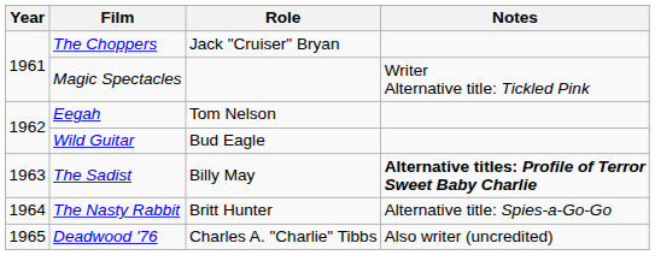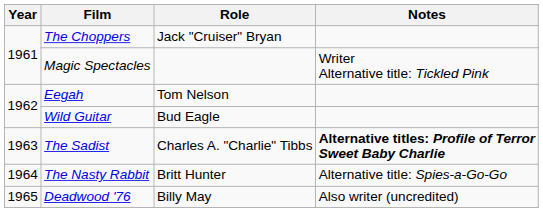 <table class="wikitable">
 <tr>
 <th>Year</th>
 <th>Film</th>
 <th>Role</th>
 <th>Notes</th>
 </tr>
 <tr>
 <td rowspan=2>1961</td>
 <td><em><a href='#'>The Choppers</a></em></td>
 <td>Jack "Cruiser" Bryan</td>
 <td></td>
 </tr>
 <tr>
 <td><em>Magic Spectacles</em></td>
 <td></td>
 <td>Writer<br>Alternative title: <em>Tickled Pink</em></td>
 </tr>
 <tr>
 <td rowspan=2>1962</td>
 <td><em><a href='#'>Eegah</a></em></td>
 <td>Tom Nelson</td>
 <td></td>
 </tr>
 <tr>
 <td><em><a href='#'>Wild Guitar</a></em></td>
 <td>Bud Eagle</td>
 <td></td>
 </tr>
 <tr>
 <td>1963</td>
 <td><em><a href='#'>The Sadist</a></em></td>
-<td>Billy May</td>
+<td>Charles A. "Charlie" Tibbs</td>
 <td><strong>Alternative titles: <em>Profile of Terror</em><br><em>Sweet Baby Charlie</em></strong></td>
 </tr>
 <tr>
 <td>1964</td>
 <td><em><a href='#'>The Nasty Rabbit</a></em></td>
 <td>Britt Hunter</td>
 <td>Alternative title: <em>Spies-a-Go-Go</em></td>
 </tr>
 <tr>
 <td>1965</td>
 <td><em><a href='#'>Deadwood '76</a></em></td>
-<td>Charles A. "Charlie" Tibbs</td>
+<td>Billy May</td>
 <td>Also writer (uncredited)</td>
 </tr>
 </table>
